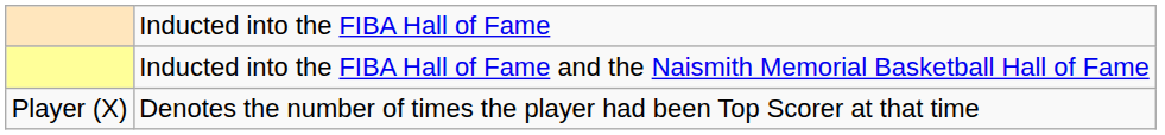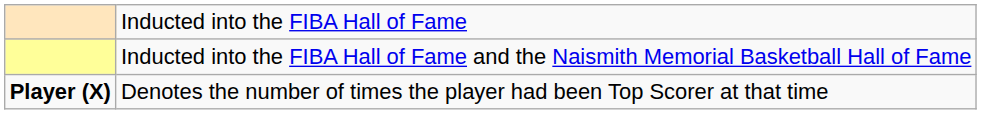 <table class="wikitable">
 <tr>
 <td style="background-color:#FFE6BD; border:1px solid #aaaaaa;"></td>
 <td>Inducted into the <a href='#'>FIBA Hall of Fame</a></td>
 </tr>
 <tr>
 <td style="background-color:#FFFF99; border:1px solid #aaaaaa;"></td>
 <td>Inducted into the <a href='#'>FIBA Hall of Fame</a> and the <a href='#'>Naismith Memorial Basketball Hall of Fame</a></td>
 </tr>
 <tr>
-<td>Player (X)</td>
+<td><strong>Player (X)</strong></td>
 <td>Denotes the number of times the player had been Top Scorer at that time</td>
 </tr>
 </table>
